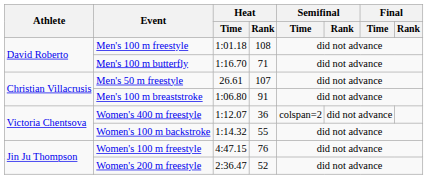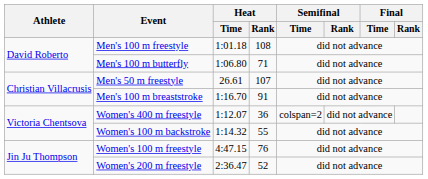 <table class=wikitable style="font-size:90%">
 <tr>
 <th rowspan="2">Athlete</th>
 <th rowspan="2">Event</th>
 <th colspan="2">Heat</th>
 <th colspan="2">Semifinal</th>
 <th colspan="2">Final</th>
 </tr>
 <tr style="font-size:95%">
 <th>Time</th>
 <th>Rank</th>
 <th>Time</th>
 <th>Rank</th>
 <th>Time</th>
 <th>Rank</th>
 </tr>
 <tr align=center>
 <td align=left rowspan=2><a href='#'>David Roberto</a></td>
 <td align=left><a href='#'>Men's 100 m freestyle</a></td>
 <td>1:01.18</td>
 <td>108</td>
 <td colspan=4>did not advance</td>
 </tr>
 <tr align=center>
 <td align=left><a href='#'>Men's 100 m butterfly</a></td>
-<td>1:16.70</td>
+<td>1:06.80</td>
 <td>71</td>
 <td colspan=4>did not advance</td>
 </tr>
 <tr align=center>
 <td align=left rowspan=2><a href='#'>Christian Villacrusis</a></td>
 <td align=left><a href='#'>Men's 50 m freestyle</a></td>
 <td>26.61</td>
 <td>107</td>
 <td colspan=4>did not advance</td>
 </tr>
 <tr align=center>
 <td align=left><a href='#'>Men's 100 m breaststroke</a></td>
-<td>1:06.80</td>
+<td>1:16.70</td>
 <td>91</td>
 <td colspan=4>did not advance</td>
 </tr>
 <tr align=center>
 <td align=left rowspan=2><a href='#'>Victoria Chentsova</a></td>
 <td align=left><a href='#'>Women's 400 m freestyle</a></td>
 <td>1:12.07</td>
 <td>36</td>
 <td>colspan=2 </td>
 <td colspan=2>did not advance</td>
 </tr>
 <tr align=center>
 <td align=left><a href='#'>Women's 100 m backstroke</a></td>
 <td>1:14.32</td>
 <td>55</td>
 <td colspan=4>did not advance</td>
 </tr>
 <tr align=center>
 <td align=left rowspan=2><a href='#'>Jin Ju Thompson</a></td>
 <td align=left><a href='#'>Women's 100 m freestyle</a></td>
 <td>4:47.15</td>
 <td>76</td>
 <td colspan=4>did not advance</td>
 </tr>
 <tr align=center>
 <td align=left><a href='#'>Women's 200 m freestyle</a></td>
 <td>2:36.47</td>
 <td>52</td>
 <td colspan=4>did not advance</td>
 </tr>
 </table>
